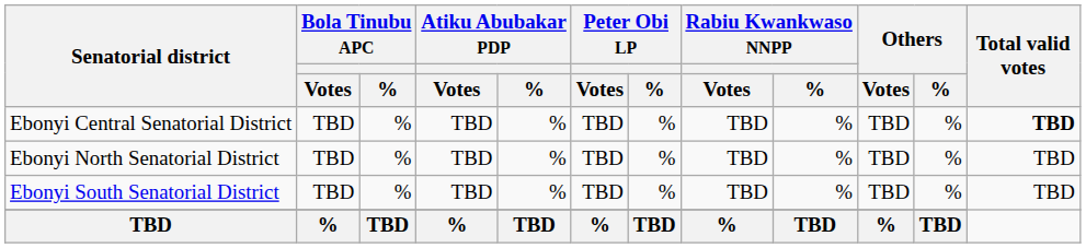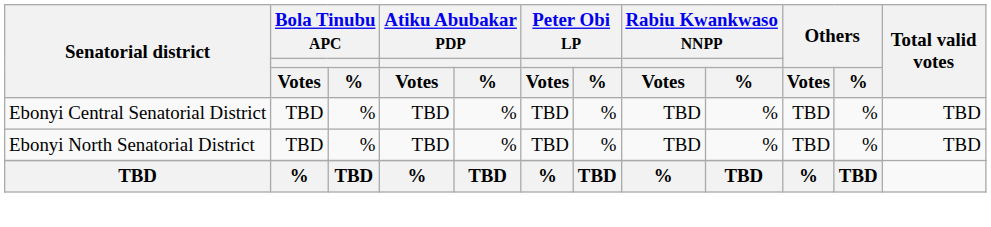 <table class="wikitable sortable" style="text-align:right; font-size:90%">
 <tr>
 <th rowspan="3" style="max-width:7.5em;">Senatorial district</th>
 <th colspan="2"><a href='#'>Bola Tinubu</a><br><small>APC</small></th>
 <th colspan="2"><a href='#'>Atiku Abubakar</a><br><small>PDP</small></th>
 <th colspan="2"><a href='#'>Peter Obi</a><br><small>LP</small></th>
 <th colspan="2"><a href='#'>Rabiu Kwankwaso</a><br><small>NNPP</small></th>
 <th colspan="2" rowspan="2">Others</th>
 <th rowspan="3" style="max-width:5em;">Total valid votes</th>
 </tr>
 <tr>
 <th colspan=2 style="background-color:"></th>
 <th colspan=2 style="background-color:"></th>
 <th colspan=2 style="background-color:"></th>
 <th colspan=2 style="background-color:"></th>
 </tr>
 <tr>
 <th>Votes</th>
 <th>%</th>
 <th>Votes</th>
 <th>%</th>
 <th>Votes</th>
 <th>%</th>
 <th>Votes</th>
 <th>%</th>
 <th>Votes</th>
 <th>%</th>
 </tr>
 <tr style="background-color:#">
 <td style="text-align:left;">Ebonyi Central Senatorial District</td>
 <td>TBD</td>
 <td>%</td>
 <td>TBD</td>
 <td>%</td>
 <td>TBD</td>
 <td>%</td>
 <td>TBD</td>
 <td>%</td>
 <td>TBD</td>
 <td>%</td>
-<td><strong>TBD</strong></td>
+<td>TBD</td>
 </tr>
 <tr style="background-color:#">
 <td style="text-align:left;">Ebonyi North Senatorial District</td>
-<td>TBD</td>
-<td>%</td>
-<td>TBD</td>
-<td>%</td>
-<td>TBD</td>
-<td>%</td>
-<td>TBD</td>
-<td>%</td>
-<td>TBD</td>
-<td>%</td>
-<td>TBD</td>
-</tr>
-<tr style="background-color:#">
-<td style="text-align:left;"><a href='#'>Ebonyi South Senatorial District</a></td>
 <td>TBD</td>
 <td>%</td>
 <td>TBD</td>
 <td>%</td>
 <td>TBD</td>
 <td>%</td>
 <td>TBD</td>
 <td>%</td>
 <td>TBD</td>
 <td>%</td>
 <td>TBD</td>
 </tr>
 <tr>
 </tr>
 <tr>
 <th>TBD</th>
 <th>%</th>
 <th>TBD</th>
 <th>%</th>
 <th>TBD</th>
 <th>%</th>
 <th>TBD</th>
 <th>%</th>
 <th>TBD</th>
 <th>%</th>
 <th>TBD</th>
 </tr>
 </table>
